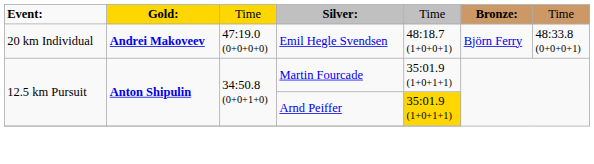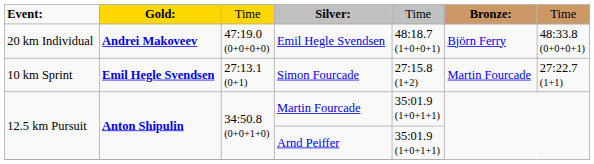 <table class="wikitable" width=85%>
 <tr>
 <td><strong>Event:</strong></td>
 <td style="text-align:center;background-color:gold;"><strong>Gold:</strong></td>
 <td style="text-align:center;background-color:gold;">Time</td>
 <td style="text-align:center;background-color:silver;"><strong>Silver:</strong></td>
 <td style="text-align:center;background-color:silver;">Time</td>
 <td style="text-align:center;background-color:#CC9966;"><strong>Bronze:</strong></td>
 <td style="text-align:center;background-color:#CC9966;">Time</td>
 </tr>
 <tr>
 <td>20 km Individual<br><em></em></td>
 <td><strong><a href='#'>Andrei Makoveev</a></strong><br><small></small></td>
 <td>47:19.0<br><small>(0+0+0+0)</small></td>
 <td><a href='#'>Emil Hegle Svendsen</a><br><small></small></td>
 <td>48:18.7<br><small>(1+0+0+1)</small></td>
 <td><a href='#'>Björn Ferry</a><br><small></small></td>
 <td>48:33.8<br><small>(0+0+0+1)</small></td>
 </tr>
 <tr>
+<td>10 km Sprint<br><em></em></td>
+<td><strong><a href='#'>Emil Hegle Svendsen</a></strong><br><small></small></td>
+<td>27:13.1<br><small>(0+1)</small></td>
+<td><a href='#'>Simon Fourcade</a><br><small></small></td>
+<td>27:15.8<br><small>(1+2)</small></td>
+<td><a href='#'>Martin Fourcade</a><br><small></small></td>
+<td>27:22.7<br><small>(1+1)</small></td>
+</tr>
+<tr>
 <td rowspan=2>12.5 km Pursuit<br><em></em></td>
 <td rowspan=2><strong><a href='#'>Anton Shipulin</a></strong><br><small></small></td>
 <td rowspan=2>34:50.8<br><small>(0+0+1+0)</small></td>
 <td><a href='#'>Martin Fourcade</a><br><small></small></td>
 <td>35:01.9<br><small>(1+0+1+1)</small></td>
 </tr>
 <tr>
 <td><a href='#'>Arnd Peiffer</a><br><small></small></td>
-<td style="background: gold;">35:01.9<br><small>(1+0+1+1)</small></td>
+<td>35:01.9<br><small>(1+0+1+1)</small></td>
 </tr>
 <tr>
 </tr>
 </table>
